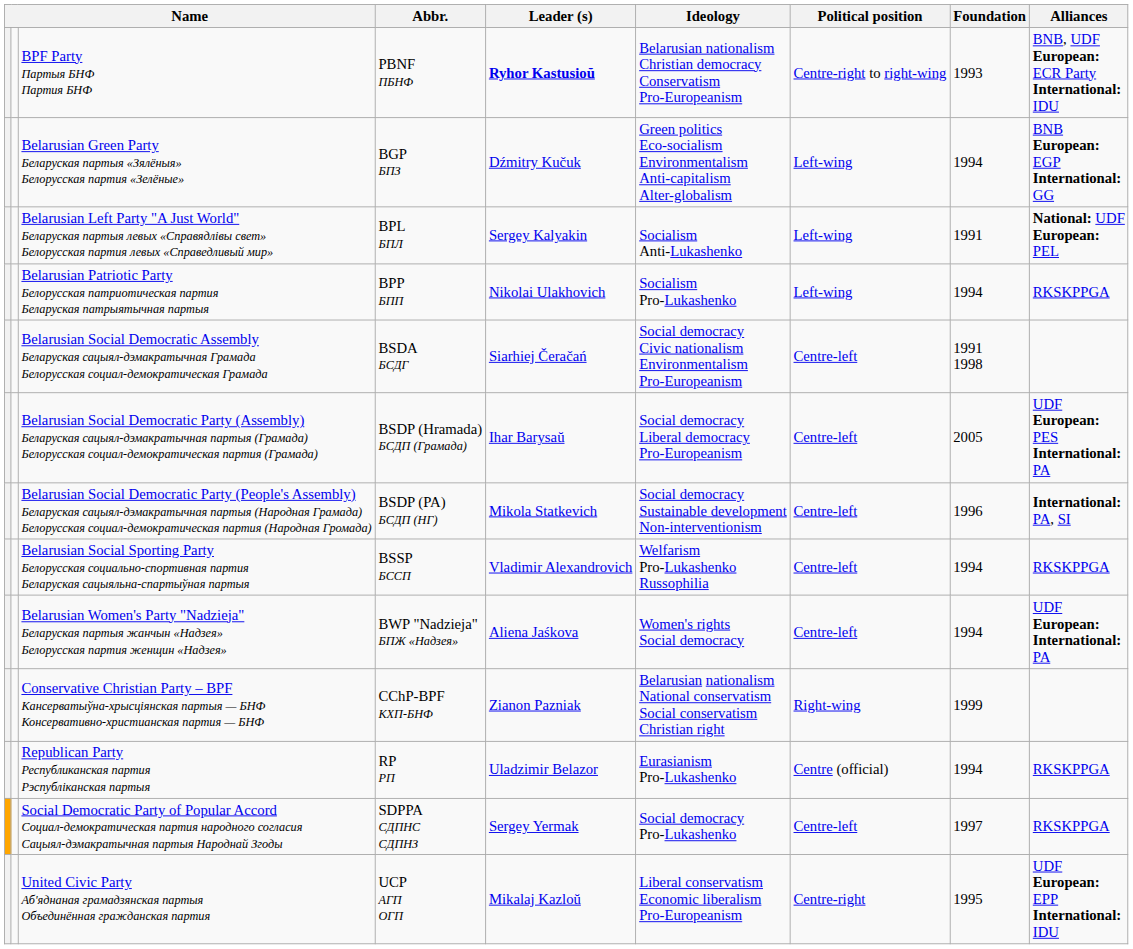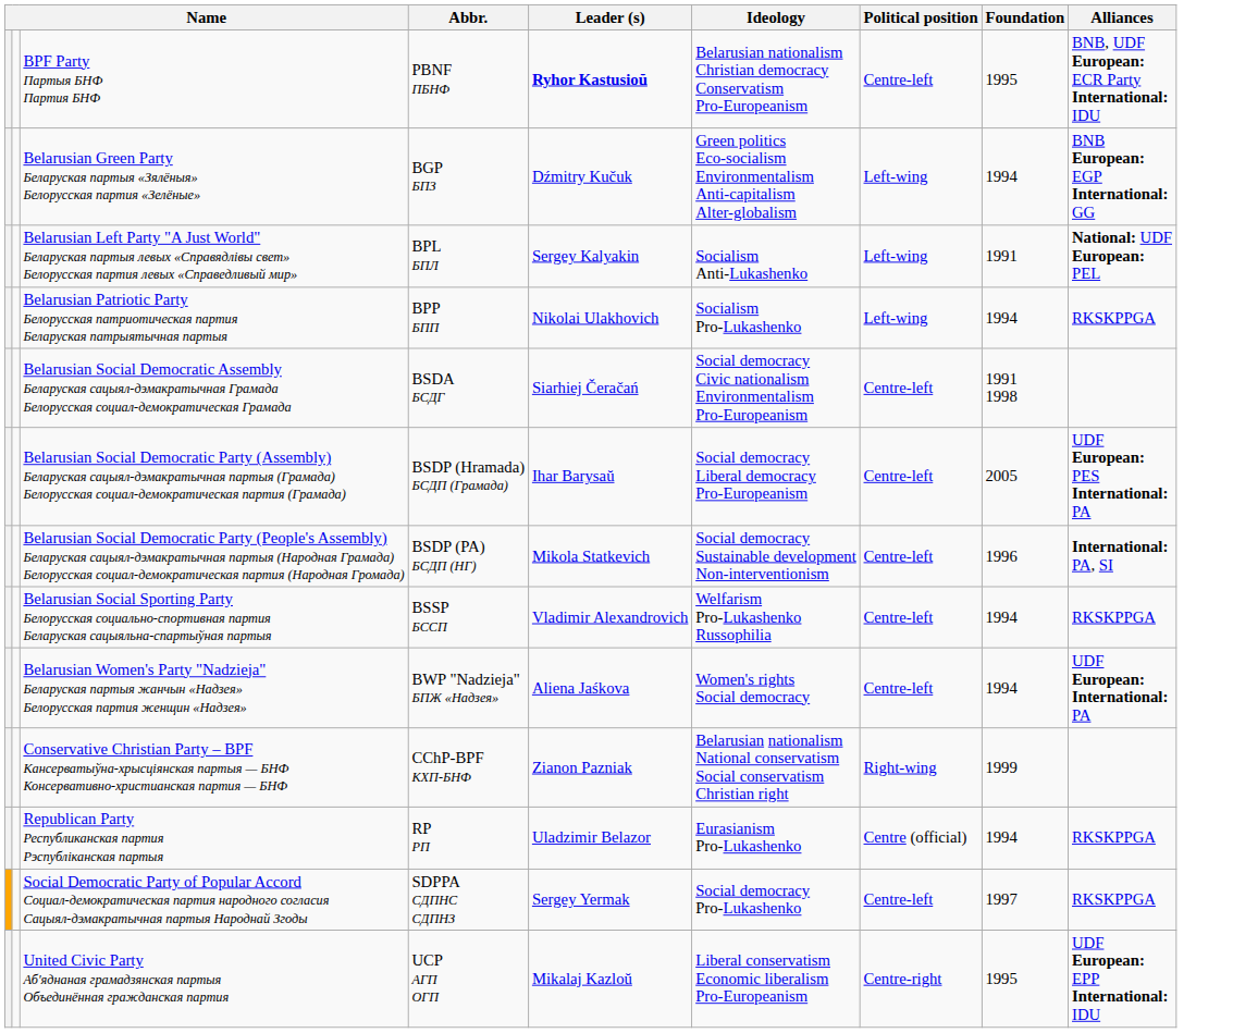 <table class="wikitable sortable">
 <tr>
 <th colspan=3>Name</th>
 <th>Abbr.</th>
 <th>Leader (s)</th>
 <th>Ideology</th>
 <th>Political position</th>
 <th>Foundation</th>
 <th>Alliances</th>
 </tr>
 <tr>
 <th style="background:"></th>
 <td></td>
 <td><a href='#'>BPF Party</a><br><small><em>Партыя БНФ<br>Партия БНФ</em></small></td>
 <td>PBNF<br><small><em>ПБНФ</em></small></td>
 <td><strong><a href='#'>Ryhor Kastusioŭ</a></strong></td>
 <td><a href='#'>Belarusian&nbsp;nationalism</a><br><a href='#'>Christian democracy</a><br><a href='#'>Conservatism</a><br><a href='#'>Pro-Europeanism</a></td>
-<td><a href='#'>Centre-right</a> to <a href='#'>right-wing</a></td>
-<td>1993<br></td>
+<td><a href='#'>Centre-left</a></td>
+<td>1995<br></td>
 <td><a href='#'>BNB</a>, <a href='#'>UDF</a><br><strong>European:</strong><br><a href='#'>ECR Party</a><br><strong>International:</strong><br><a href='#'>IDU</a></td>
 </tr>
 <tr>
 <th style="background:"></th>
 <td></td>
 <td><a href='#'>Belarusian Green Party</a><br><small><em>Беларуская партыя «Зялёныя»<br>Белорусская партия «Зелёные»</em></small></td>
 <td>BGP<br><small><em>БПЗ</em></small></td>
 <td><a href='#'>Dźmitry Kučuk</a></td>
 <td><a href='#'>Green politics</a><br><a href='#'>Eco-socialism</a><br><a href='#'>Environmentalism</a><br><a href='#'>Anti-capitalism</a><br><a href='#'>Alter-globalism</a></td>
 <td><a href='#'>Left-wing</a></td>
 <td>1994<br></td>
 <td><a href='#'>BNB</a><br><strong>European:</strong><br><a href='#'>EGP</a> <br><strong>International:</strong><br><a href='#'>GG</a> </td>
 </tr>
 <tr>
 <th style="background-color: "></th>
 <td></td>
 <td><a href='#'>Belarusian Left Party "A Just World"</a><br><small><em>Беларуская партыя левых «Справядлівы свет»<br>Белорусская партия левых «Справедливый мир»</em></small></td>
 <td>BPL<br><small><em>БПЛ</em></small></td>
 <td><a href='#'>Sergey Kalyakin</a></td>
 <td><br><a href='#'>Socialism</a><br>Anti-<a href='#'>Lukashenko</a></td>
 <td><a href='#'>Left-wing</a></td>
 <td>1991<br></td>
 <td><strong>National:</strong> <a href='#'>UDF</a><br><strong>European: </strong><br><a href='#'>PEL</a></td>
 </tr>
 <tr>
 <th style="background-color: "></th>
 <td></td>
 <td><a href='#'>Belarusian Patriotic Party</a><br><small><em>Белорусская патриотическая партия<br>Беларуская патрыятычная партыя</em></small></td>
 <td>BPP<br><small><em>БПП</em></small></td>
 <td><a href='#'>Nikolai Ulakhovich</a></td>
 <td><a href='#'>Socialism</a><br>Pro-<a href='#'>Lukashenko</a></td>
 <td><a href='#'>Left-wing</a></td>
 <td>1994<br></td>
 <td><a href='#'>RKSKPPGA</a></td>
 </tr>
 <tr>
 <th style="background:"></th>
 <td></td>
 <td><a href='#'>Belarusian Social Democratic Assembly</a><br><small><em>Беларуская сацыял-дэмакратычная Грамада<br>Белорусская социал-демократическая Грамада</em></small></td>
 <td>BSDA<br><small><em>БСДГ</em></small></td>
 <td><a href='#'>Siarhiej Čeračań</a></td>
 <td><a href='#'>Social democracy</a><br><a href='#'>Civic nationalism</a><br><a href='#'>Environmentalism</a><br><a href='#'>Pro-Europeanism</a></td>
 <td><a href='#'>Centre-left</a></td>
 <td>1991 <br>1998 <br></td>
 <td></td>
 </tr>
 <tr>
 <th style="background:"></th>
 <td></td>
 <td><a href='#'>Belarusian Social Democratic Party (Assembly)</a><br><small><em>Беларуская сацыял-дэмакратычная партыя (Грамада)<br>Белорусская социал-демократическая партия (Грамада)</em></small></td>
 <td>BSDP (Hramada)<br><small><em>БСДП (Грамада)</em></small></td>
 <td><a href='#'>Ihar Barysaŭ</a></td>
 <td><a href='#'>Social democracy</a><br><a href='#'>Liberal democracy</a><br><a href='#'>Pro-Europeanism</a></td>
 <td><a href='#'>Centre-left</a></td>
 <td>2005<br></td>
 <td><a href='#'>UDF</a><br><strong>European:</strong><br><a href='#'>PES</a><br><strong>International:</strong><br><a href='#'>PA</a> </td>
 </tr>
 <tr>
 <th style="background:"></th>
 <td></td>
 <td><a href='#'>Belarusian Social Democratic Party (People's Assembly)</a><br><small><em>Беларуская сацыял-дэмакратычная партыя (Народная Грамада)<br>Белорусская социал-демократическая партия (Народная Громада)</em></small></td>
 <td>BSDP (PA)<br><small><em>БСДП (НГ)</em></small></td>
 <td><a href='#'>Mikola Statkevich</a></td>
 <td><a href='#'>Social democracy</a><br><a href='#'>Sustainable development</a><br><a href='#'>Non-interventionism</a></td>
 <td><a href='#'>Centre-left</a></td>
 <td>1996<br></td>
 <td><strong>International:</strong><br><a href='#'>PA</a>, <a href='#'>SI</a></td>
 </tr>
 <tr>
 <th style="background-color: "></th>
 <td></td>
 <td><a href='#'>Belarusian Social Sporting Party</a><br><small><em>Белорусская социально-спортивная партия<br>Беларуская сацыяльна-спартыўная партыя</em></small></td>
 <td>BSSP<br><small><em>БССП</em></small></td>
 <td><a href='#'>Vladimir Alexandrovich</a></td>
 <td><a href='#'>Welfarism</a><br>Pro-<a href='#'>Lukashenko</a><br><a href='#'>Russophilia</a></td>
 <td><a href='#'>Centre-left</a></td>
 <td>1994<br></td>
 <td><a href='#'>RKSKPPGA</a></td>
 </tr>
 <tr>
 <th style="background:"></th>
 <td></td>
 <td><a href='#'>Belarusian Women's Party "Nadzieja"</a><br><small><em>Беларуская партыя жанчын «Надзея»<br>Белорусская партия женщин «Надзея»</em></small></td>
 <td>BWP "Nadzieja"<br><small><em>БПЖ «Надзея»</em></small></td>
 <td><a href='#'>Aliena Jaśkova</a></td>
 <td><a href='#'>Women's rights</a><br><a href='#'>Social democracy</a></td>
 <td><a href='#'>Centre-left</a></td>
 <td>1994<br></td>
 <td><a href='#'>UDF</a><br><strong>European:</strong><br><strong>International:</strong><br><a href='#'>PA</a></td>
 </tr>
 <tr>
 <th style="background:"></th>
 <td></td>
 <td><a href='#'>Conservative Christian Party – BPF</a><br><small><em>Кансерватыўна-хрысціянская партыя — БНФ<br>Консервативно-христианская партия — БНФ</em></small></td>
 <td>CChP-BPF<br><small><em>КХП-БНФ</em></small></td>
 <td><a href='#'>Zianon Pazniak</a></td>
 <td><a href='#'>Belarusian</a> <a href='#'>nationalism</a><br><a href='#'>National conservatism</a><br><a href='#'>Social conservatism</a><br><a href='#'>Christian right</a></td>
 <td><a href='#'>Right-wing</a></td>
 <td>1999<br></td>
 </tr>
 <tr>
 <th style="background:"></th>
 <td></td>
 <td><a href='#'>Republican Party</a><br><small><em>Республиканская партия<br>Рэспубліканская партыя</em></small></td>
 <td>RP<br><small><em>РП</em></small></td>
 <td><a href='#'>Uladzimir Belazor</a></td>
 <td><a href='#'>Eurasianism</a><br>Pro-<a href='#'>Lukashenko</a></td>
 <td><a href='#'>Centre</a> (official)</td>
 <td>1994<br></td>
 <td><a href='#'>RKSKPPGA</a></td>
 </tr>
 <tr>
 <th style="background-color: #FFA600"></th>
 <td></td>
 <td><a href='#'>Social Democratic Party of Popular Accord</a><br><small><em>Социал-демократическая партия народного согласия<br>Сацыял-дэмакратычная партыя Народнай Згоды</em></small></td>
 <td>SDPPA<br><small><em>СДПНС<br>СДПНЗ</em></small></td>
 <td><a href='#'>Sergey Yermak</a></td>
 <td><a href='#'>Social democracy</a><br>Pro-<a href='#'>Lukashenko</a></td>
 <td><a href='#'>Centre-left</a></td>
 <td>1997<br></td>
 <td><a href='#'>RKSKPPGA</a></td>
 </tr>
 <tr>
 <th style="background:"></th>
 <td></td>
 <td><a href='#'>United Civic Party</a><br><small><em>Аб'яднаная грамадзянская партыя<br>Объединённая гражданская партия</em></small></td>
 <td>UCP<br><small><em>АГП<br>ОГП</em></small></td>
 <td><a href='#'>Mikalaj Kazloŭ</a></td>
 <td><a href='#'>Liberal conservatism</a><br><a href='#'>Economic liberalism</a><br><a href='#'>Pro-Europeanism</a></td>
 <td><a href='#'>Centre-right</a></td>
 <td>1995<br></td>
 <td><a href='#'>UDF</a><br><strong>European:</strong><br><a href='#'>EPP</a> <br><strong>International:</strong><br><a href='#'>IDU</a></td>
 </tr>
 </table>
